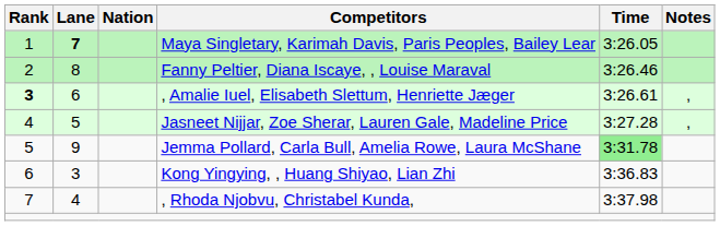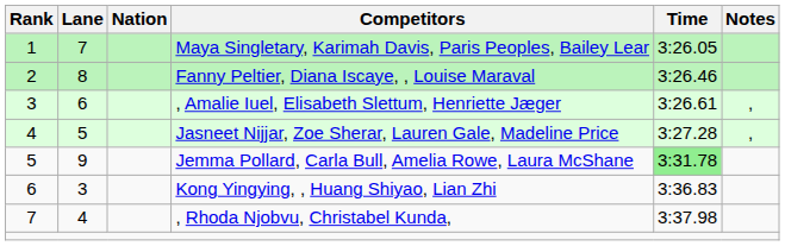 <table class="wikitable sortable" style="text-align:center">
 <tr>
 <th scope="col" style="width: 10px;">Rank</th>
 <th scope="col" style="width: 10px;">Lane</th>
 <th scope="col">Nation</th>
 <th scope="col">Competitors</th>
 <th scope="col">Time</th>
 <th scope="col">Notes</th>
 </tr>
 <tr bgcolor="#bbf3bb">
 <td>1</td>
-<td><strong>7</strong></td>
+<td>7</td>
 <td align="left"></td>
 <td align="left"><a href='#'>Maya Singletary</a>, <a href='#'>Karimah Davis</a>, <a href='#'>Paris Peoples</a>, <a href='#'>Bailey Lear</a></td>
 <td>3:26.05</td>
 <td></td>
 </tr>
 <tr bgcolor="#bbf3bb">
 <td>2</td>
 <td>8</td>
 <td align="left"></td>
 <td align="left"><a href='#'>Fanny Peltier</a>, <a href='#'>Diana Iscaye</a>, , <a href='#'>Louise Maraval</a></td>
 <td>3:26.46</td>
 <td></td>
 </tr>
 <tr bgcolor=ddffdd>
-<td><strong>3</strong></td>
+<td>3</td>
 <td>6</td>
 <td align="left"></td>
 <td align="left">, <a href='#'>Amalie Iuel</a>, <a href='#'>Elisabeth Slettum</a>, <a href='#'>Henriette Jæger</a></td>
 <td>3:26.61</td>
 <td>, </td>
 </tr>
 <tr bgcolor=ddffdd>
 <td>4</td>
 <td>5</td>
 <td align="left"></td>
 <td align="left"><a href='#'>Jasneet Nijjar</a>, <a href='#'>Zoe Sherar</a>, <a href='#'>Lauren Gale</a>, <a href='#'>Madeline Price</a></td>
 <td>3:27.28</td>
 <td>, </td>
 </tr>
 <tr>
 <td>5</td>
 <td>9</td>
 <td align="left"></td>
 <td align="left"><a href='#'>Jemma Pollard</a>, <a href='#'>Carla Bull</a>, <a href='#'>Amelia Rowe</a>, <a href='#'>Laura McShane</a></td>
 <td style="background: lightgreen;">3:31.78</td>
 <td></td>
 </tr>
 <tr>
 <td>6</td>
 <td>3</td>
 <td align="left"></td>
 <td align="left"><a href='#'>Kong Yingying</a>, , <a href='#'>Huang Shiyao</a>, <a href='#'>Lian Zhi</a></td>
 <td>3:36.83</td>
 <td></td>
 </tr>
 <tr>
 <td>7</td>
 <td>4</td>
 <td align="left"></td>
 <td align="left">, <a href='#'>Rhoda Njobvu</a>, <a href='#'>Christabel Kunda</a>, </td>
 <td>3:37.98</td>
 <td></td>
 </tr>
 <tr class="sortbottom">
 <td colspan="6"></td>
 </tr>
 </table>
